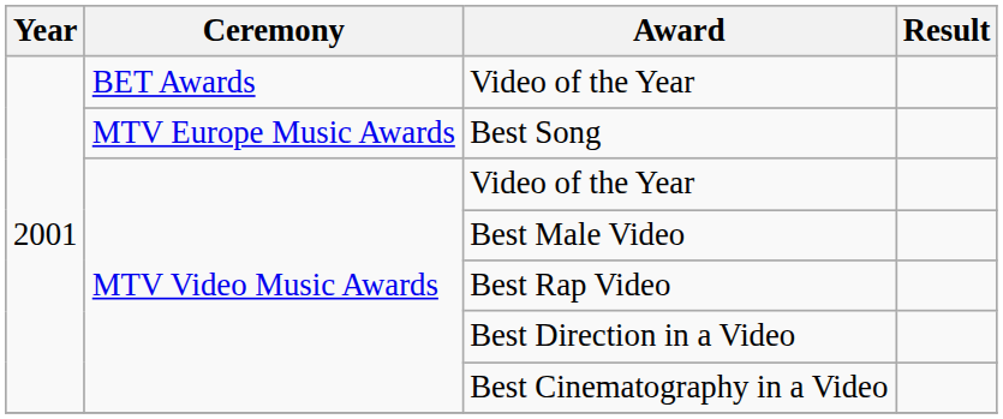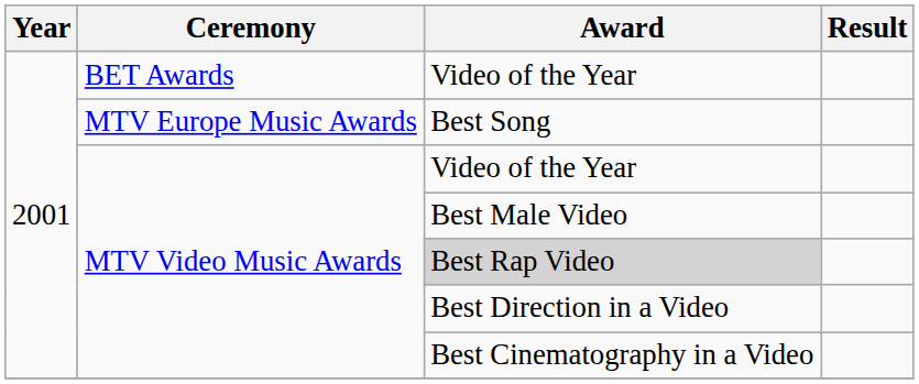 <table class="wikitable plainrowheaders">
 <tr>
 <th>Year</th>
 <th>Ceremony</th>
 <th>Award</th>
 <th>Result</th>
 </tr>
 <tr>
 <td rowspan="7">2001</td>
 <td><a href='#'>BET Awards</a></td>
 <td>Video of the Year</td>
 <td></td>
 </tr>
 <tr>
 <td><a href='#'>MTV Europe Music Awards</a></td>
 <td>Best Song</td>
 <td></td>
 </tr>
 <tr>
 <td rowspan="5"><a href='#'>MTV Video Music Awards</a></td>
 <td>Video of the Year</td>
 <td></td>
 </tr>
 <tr>
 <td>Best Male Video</td>
 <td></td>
 </tr>
 <tr>
-<td>Best Rap Video</td>
+<td style="background: lightgrey;">Best Rap Video</td>
 <td></td>
 </tr>
 <tr>
 <td>Best Direction in a Video</td>
 <td></td>
 </tr>
 <tr>
 <td>Best Cinematography in a Video</td>
 <td></td>
 </tr>
 <tr>
 </tr>
 </table>
